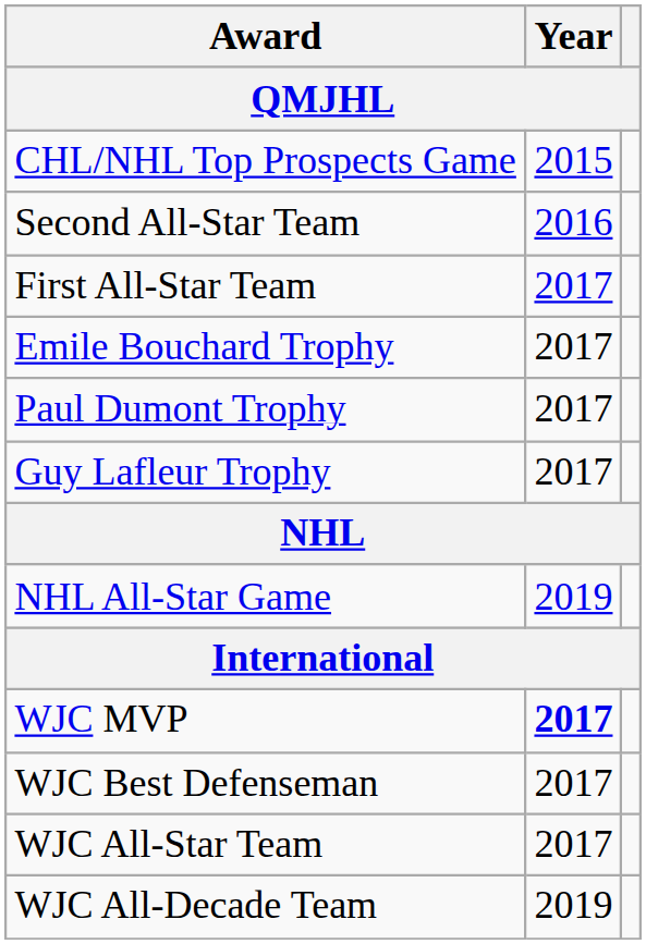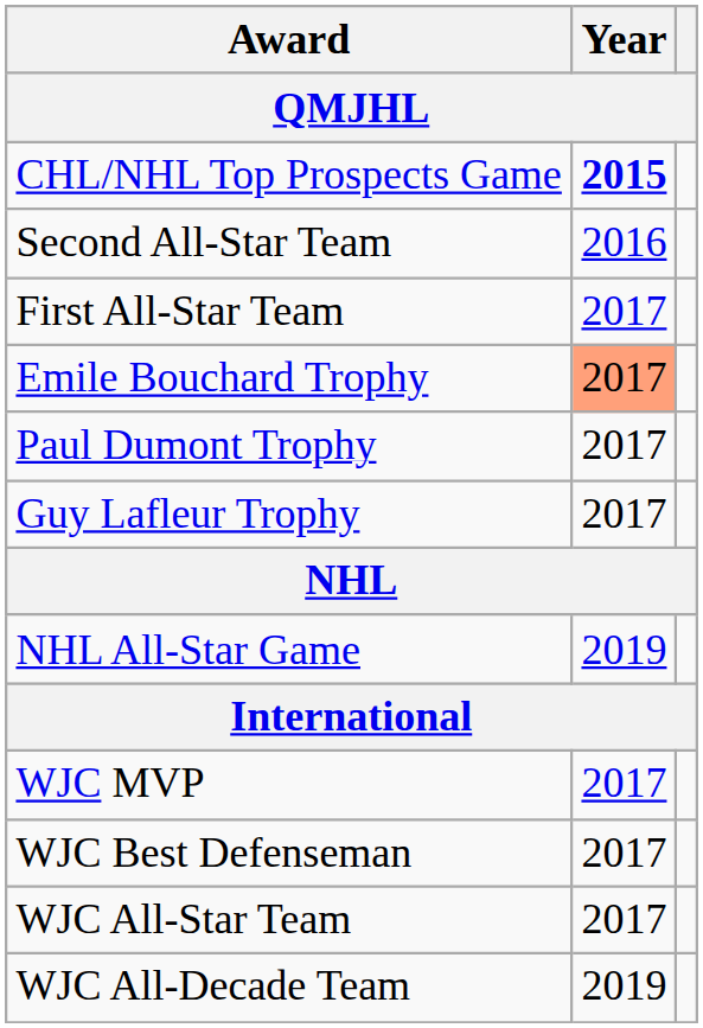 <table class="wikitable">
 <tr>
 <th>Award</th>
 <th>Year</th>
 <th></th>
 </tr>
 <tr ALIGN="center" bgcolor="#e0e0e0">
 <th colspan="3"><a href='#'>QMJHL</a></th>
 </tr>
 <tr>
 <td><a href='#'>CHL/NHL Top Prospects Game</a></td>
-<td><a href='#'>2015</a></td>
+<td><strong><a href='#'>2015</a></strong></td>
 <td></td>
 </tr>
 <tr>
 <td>Second All-Star Team</td>
 <td><a href='#'>2016</a></td>
 <td></td>
 </tr>
 <tr>
 <td>First All-Star Team</td>
 <td><a href='#'>2017</a></td>
 <td></td>
 </tr>
 <tr>
 <td><a href='#'>Emile Bouchard Trophy</a></td>
-<td>2017</td>
+<td style="background: lightsalmon;">2017</td>
 <td></td>
 </tr>
 <tr>
 <td><a href='#'>Paul Dumont Trophy</a></td>
 <td>2017</td>
 <td></td>
 </tr>
 <tr>
 <td><a href='#'>Guy Lafleur Trophy</a></td>
 <td>2017</td>
 <td></td>
 </tr>
 <tr ALIGN="center" bgcolor="#e0e0e0">
 <th colspan="3"><a href='#'>NHL</a></th>
 </tr>
 <tr>
 <td><a href='#'>NHL All-Star Game</a></td>
 <td><a href='#'>2019</a></td>
 <td></td>
 </tr>
 <tr ALIGN="center" bgcolor="#e0e0e0">
 <th colspan="3"><a href='#'>International</a></th>
 </tr>
 <tr>
 <td><a href='#'>WJC</a> MVP</td>
-<td><strong><a href='#'>2017</a></strong></td>
+<td><a href='#'>2017</a></td>
 <td></td>
 </tr>
 <tr>
 <td>WJC Best Defenseman</td>
 <td>2017</td>
 <td></td>
 </tr>
 <tr>
 <td>WJC All-Star Team</td>
 <td>2017</td>
 <td></td>
 </tr>
 <tr>
 <td>WJC All-Decade Team</td>
 <td>2019</td>
 <td></td>
 </tr>
 </table>
